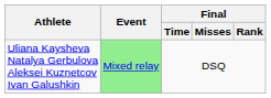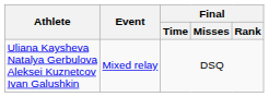 <table class="wikitable" style="font-size:90%; text-align:center;">
 <tr>
 <th rowspan=2>Athlete</th>
 <th rowspan=2>Event</th>
 <th colspan=3>Final</th>
 </tr>
 <tr>
 <th>Time</th>
 <th>Misses</th>
 <th>Rank</th>
 </tr>
 <tr>
 <td align=left><a href='#'>Uliana Kaysheva</a><br><a href='#'>Natalya Gerbulova</a><br><a href='#'>Aleksei Kuznetcov</a><br><a href='#'>Ivan Galushkin</a></td>
-<td align=left style="background: lightgreen;"><a href='#'>Mixed relay</a></td>
+<td align=left><a href='#'>Mixed relay</a></td>
 <td colspan=3>DSQ</td>
 </tr>
 </table>
